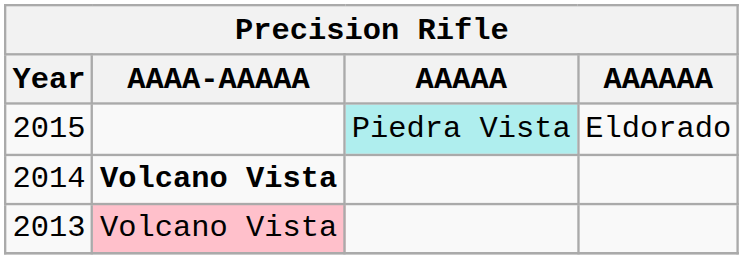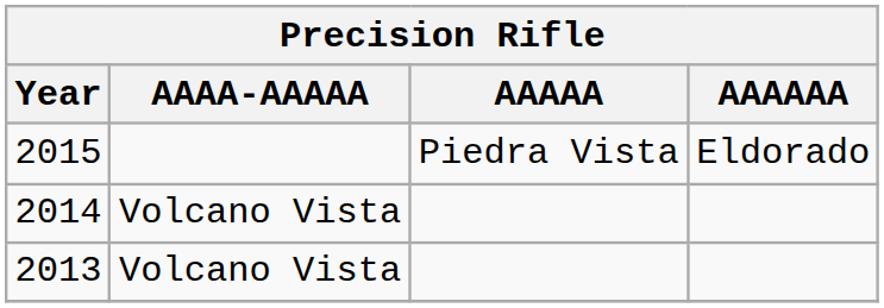 <table class="wikitable" style="text-align:center">
 <tr>
 <th colspan="4">Precision Rifle</th>
 </tr>
 <tr>
 <th>Year</th>
 <th>AAAA-AAAAA</th>
 <th>AAAAA</th>
 <th>AAAAAA</th>
 </tr>
 <tr>
 <td>2015</td>
 <td></td>
-<td style="background: paleturquoise;">Piedra Vista</td>
+<td>Piedra Vista</td>
 <td>Eldorado</td>
 </tr>
 <tr>
 <td>2014</td>
-<td><strong>Volcano Vista</strong></td>
+<td>Volcano Vista</td>
 <td></td>
 <td></td>
 </tr>
 <tr>
 <td>2013</td>
-<td style="background: pink;">Volcano Vista</td>
+<td>Volcano Vista</td>
 <td></td>
 <td></td>
 </tr>
 <tr>
 </tr>
 </table>
